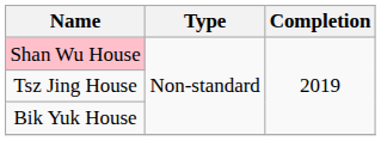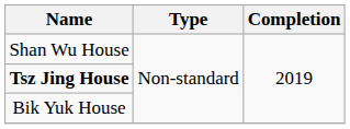 <table class="wikitable" style="text-align: center">
 <tr>
 <th>Name</th>
 <th>Type</th>
 <th>Completion</th>
 </tr>
 <tr>
-<td style="background: pink;">Shan Wu House</td>
+<td>Shan Wu House</td>
 <td rowspan="3">Non-standard</td>
 <td rowspan="3">2019</td>
 </tr>
 <tr>
-<td>Tsz Jing House</td>
+<td><strong>Tsz Jing House</strong></td>
 </tr>
 <tr>
 <td>Bik Yuk House</td>
 </tr>
 <tr>
 </tr>
 </table>
